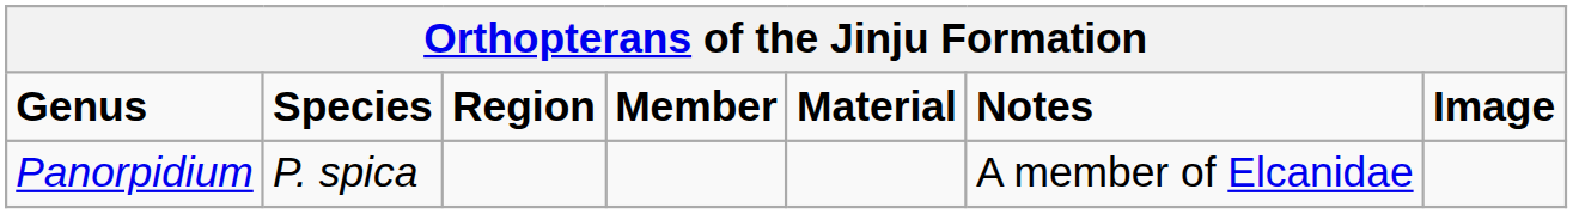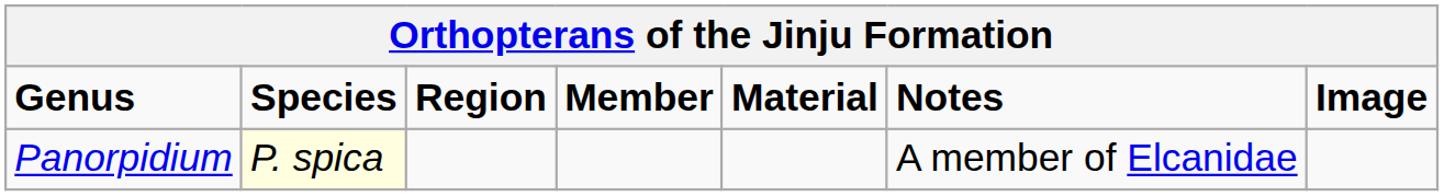 <table class="wikitable">
 <tr>
 <th colspan="7"><strong><a href='#'>Orthopterans</a> of the Jinju Formation</strong></th>
 </tr>
 <tr>
 <td><strong>Genus</strong></td>
 <td><strong>Species</strong></td>
 <td><strong>Region</strong></td>
 <td><strong>Member</strong></td>
 <td><strong>Material</strong></td>
 <td><strong>Notes</strong></td>
 <td><strong>Image</strong></td>
 </tr>
 <tr>
 <td><em><a href='#'>Panorpidium</a></em></td>
-<td><em>P. spica</em></td>
+<td style="background: lightyellow;"><em>P. spica</em></td>
 <td></td>
 <td></td>
 <td></td>
 <td>A member of <a href='#'>Elcanidae</a></td>
 <td></td>
 </tr>
 </table>
